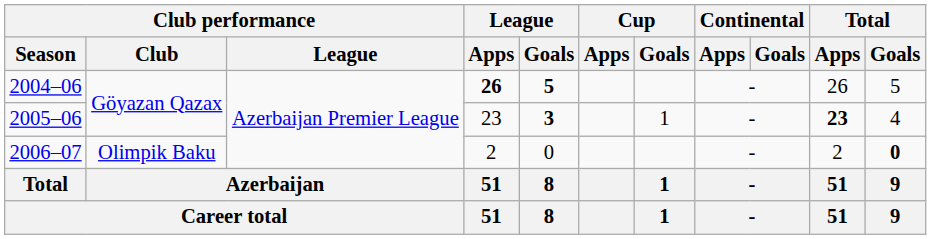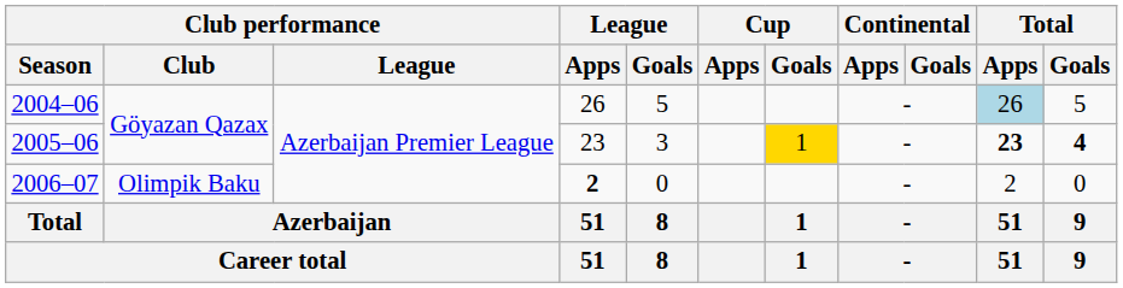 <table class="wikitable" style="text-align:center">
 <tr>
 <th colspan=3>Club performance</th>
 <th colspan=2>League</th>
 <th colspan=2>Cup</th>
 <th colspan=2>Continental</th>
 <th colspan=2>Total</th>
 </tr>
 <tr>
 <th>Season</th>
 <th>Club</th>
 <th>League</th>
 <th>Apps</th>
 <th>Goals</th>
 <th>Apps</th>
 <th>Goals</th>
 <th>Apps</th>
 <th>Goals</th>
 <th>Apps</th>
 <th>Goals</th>
 </tr>
 <tr>
 <td><a href='#'>2004–06</a></td>
 <td rowspan="2"><a href='#'>Göyazan Qazax</a></td>
 <td rowspan="3"><a href='#'>Azerbaijan Premier League</a></td>
-<td><strong>26</strong></td>
-<td><strong>5</strong></td>
+<td>26</td>
+<td>5</td>
 <td></td>
 <td></td>
 <td colspan="2">-</td>
-<td>26</td>
+<td style="background: lightblue;">26</td>
 <td>5</td>
 </tr>
 <tr>
 <td><a href='#'>2005–06</a></td>
 <td>23</td>
-<td><strong>3</strong></td>
+<td>3</td>
 <td></td>
-<td>1</td>
+<td style="background: gold;">1</td>
 <td colspan="2">-</td>
 <td><strong>23</strong></td>
-<td>4</td>
+<td><strong>4</strong></td>
 </tr>
 <tr>
 <td><a href='#'>2006–07</a></td>
 <td><a href='#'>Olimpik Baku</a></td>
-<td>2</td>
+<td><strong>2</strong></td>
 <td>0</td>
 <td></td>
 <td></td>
 <td colspan="2">-</td>
 <td>2</td>
-<td><strong>0</strong></td>
+<td>0</td>
 </tr>
 <tr>
 <th rowspan=1>Total</th>
 <th colspan=2>Azerbaijan</th>
 <th>51</th>
 <th>8</th>
 <th></th>
 <th>1</th>
 <th colspan="2">-</th>
 <th>51</th>
 <th>9</th>
 </tr>
 <tr>
 <th colspan=3>Career total</th>
 <th>51</th>
 <th>8</th>
 <th></th>
 <th>1</th>
 <th colspan="2">-</th>
 <th>51</th>
 <th>9</th>
 </tr>
 </table>
